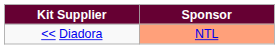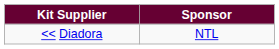 <table class="wikitable"  style="text-align:center; font-size:90%; ">
 <tr>
 <th style="background:#660033;color:#FFFFFF; width:150px;">Kit Supplier</th>
 <th style="background:#660033;color:#FFFFFF; width:150px;">Sponsor</th>
 </tr>
 <tr>
 <td><a href='#'><<</a> <a href='#'>Diadora</a></td>
-<td style="background: lightsalmon;"><a href='#'>NTL</a></td>
+<td><a href='#'>NTL</a></td>
 </tr>
 </table>
